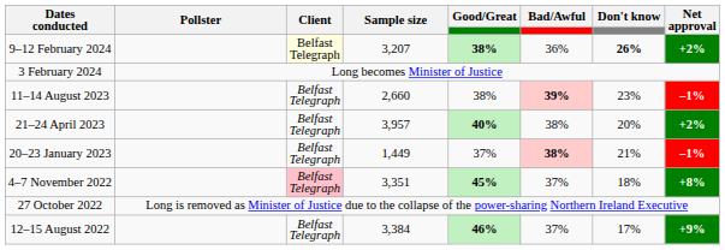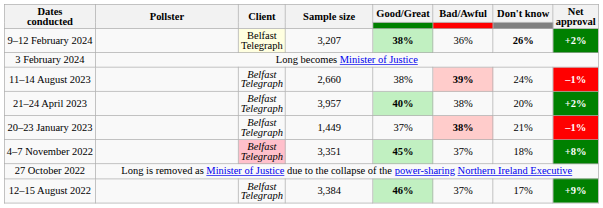 <table class="wikitable collapsible sortable mw-datatable" style="text-align:center;font-size:95%;line-height:14px;">
 <tr>
 <th style="width:125px;" rowspan="2">Dates<br>conducted</th>
 <th style="width:200px;" rowspan="2">Pollster</th>
 <th style="width:60px;" rowspan="2">Client</th>
 <th style="width:120px;" rowspan="2">Sample size</th>
 <th class="unsortable" style="width:80px;">Good/Great</th>
 <th class="unsortable" style="width: 80px;">Bad/Awful</th>
 <th class="unsortable" style="width:80px;">Don't know</th>
 <th class="unsortable" style="width:20px;" rowspan="2">Net approval</th>
 </tr>
 <tr>
 <th class="unsortable" style="background:green;width:60px;"></th>
 <th class="unsortable" style="background:red;width:60px;"></th>
 <th class="unsortable" style="background:grey;width:60px;"></th>
 </tr>
 <tr>
 <td>9–12 February 2024</td>
 <td></td>
 <td style="background: lightyellow;">Belfast Telegraph</td>
 <td>3,207</td>
 <td style="background:#C1F0C1"><strong>38%</strong></td>
 <td>36%</td>
 <td><strong>26%</strong></td>
 <td style="background:green;color:white"><strong>+2%</strong></td>
 </tr>
 <tr>
 <td>3 February 2024</td>
 <td colspan="7">Long becomes <a href='#'>Minister of Justice</a></td>
 </tr>
 <tr>
 <td>11–14 August 2023</td>
 <td></td>
 <td><em>Belfast Telegraph</em></td>
 <td>2,660</td>
 <td>38%</td>
 <td style="background:#ffcccb"><strong>39%</strong></td>
-<td>23%</td>
+<td>24%</td>
 <td style="background:red;color:white"><strong>–1%</strong></td>
 </tr>
 <tr>
 <td>21–24 April 2023</td>
 <td></td>
 <td><em>Belfast Telegraph</em></td>
 <td>3,957</td>
 <td style="background:#C1F0C1"><strong>40%</strong></td>
 <td>38%</td>
 <td>20%</td>
 <td style="background:green;color:white"><strong>+2%</strong></td>
 </tr>
 <tr>
 <td>20–23 January 2023</td>
 <td></td>
 <td><em>Belfast Telegraph</em></td>
 <td>1,449</td>
 <td>37%</td>
 <td style="background:#ffcccb"><strong>38%</strong></td>
 <td>21%</td>
 <td style="background:red;color:white"><strong>–1%</strong></td>
 </tr>
 <tr>
 <td>4–7 November 2022</td>
 <td></td>
 <td style="background: pink;"><em>Belfast Telegraph</em></td>
 <td>3,351</td>
 <td style="background:#C1F0C1"><strong>45%</strong></td>
 <td>37%</td>
 <td>18%</td>
 <td style="background:green;color:white"><strong>+8%</strong></td>
 </tr>
 <tr>
 <td>27 October 2022</td>
 <td colspan="7">Long is removed as <a href='#'>Minister of Justice</a> due to the collapse of the <a href='#'>power-sharing</a> <a href='#'>Northern Ireland Executive</a></td>
 </tr>
 <tr>
 <td>12–15 August 2022</td>
 <td></td>
 <td><em>Belfast Telegraph</em></td>
 <td>3,384</td>
 <td style="background:#C1F0C1"><strong>46%</strong></td>
 <td>37%</td>
 <td>17%</td>
 <td style="background:green;color:white"><strong>+9%</strong></td>
 </tr>
 </table>
